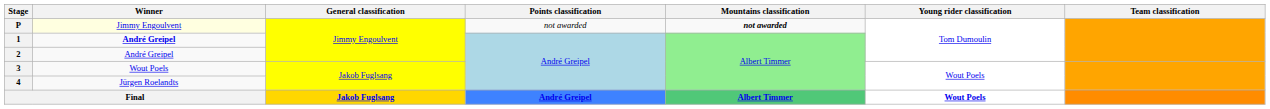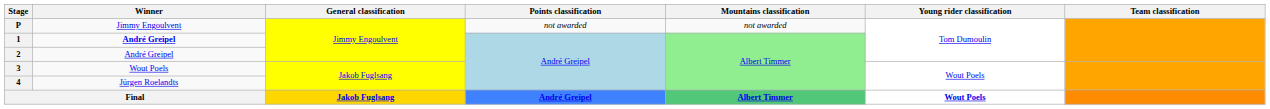 <table class="wikitable" style="text-align: center; font-size:smaller;">
 <tr>
 <th style="width:1%;">Stage</th>
 <th style="width:14%;">Winner</th>
 <th style="width:12%;">General classification<br></th>
 <th style="width:12%;">Points classification<br></th>
 <th style="width:12%;">Mountains classification<br></th>
 <th style="width:12%;">Young rider classification<br></th>
 <th style="width:12%;">Team classification</th>
 </tr>
 <tr>
 <th>P</th>
-<td style="background: lightyellow;"><a href='#'>Jimmy Engoulvent</a></td>
+<td><a href='#'>Jimmy Engoulvent</a></td>
 <td style="background:yellow;" rowspan="3"><a href='#'>Jimmy Engoulvent</a></td>
 <td><em>not awarded</em></td>
-<td><strong><em>not awarded</em></strong></td>
+<td><em>not awarded</em></td>
 <td style="background:white;" rowspan="3"><a href='#'>Tom Dumoulin</a></td>
 <td style="background:orange;" rowspan="3"></td>
 </tr>
 <tr>
 <th>1</th>
 <td><strong><a href='#'>André Greipel</a></strong></td>
 <td style="background:lightblue;" rowspan="4"><a href='#'>André Greipel</a></td>
 <td style="background:lightgreen;" rowspan="4"><a href='#'>Albert Timmer</a></td>
 </tr>
 <tr>
 <th>2</th>
 <td><a href='#'>André Greipel</a></td>
 </tr>
 <tr>
 <th>3</th>
 <td><a href='#'>Wout Poels</a></td>
 <td style="background:yellow;" rowspan="2"><a href='#'>Jakob Fuglsang</a></td>
 <td style="background:white;" rowspan="2"><a href='#'>Wout Poels</a></td>
 <td style="background:orange;" rowspan="2"></td>
 </tr>
 <tr>
 <th>4</th>
 <td><a href='#'>Jürgen Roelandts</a></td>
 </tr>
 <tr>
 <th colspan=2><strong>Final</strong></th>
 <th style="background:gold;"><a href='#'>Jakob Fuglsang</a></th>
 <th style="background:#3e82ff;"><a href='#'>André Greipel</a></th>
 <th style="background:#50c878;"><a href='#'>Albert Timmer</a></th>
 <th style="background:white;"><a href='#'>Wout Poels</a></th>
 <th style="background:darkorange;"></th>
 </tr>
 </table>
